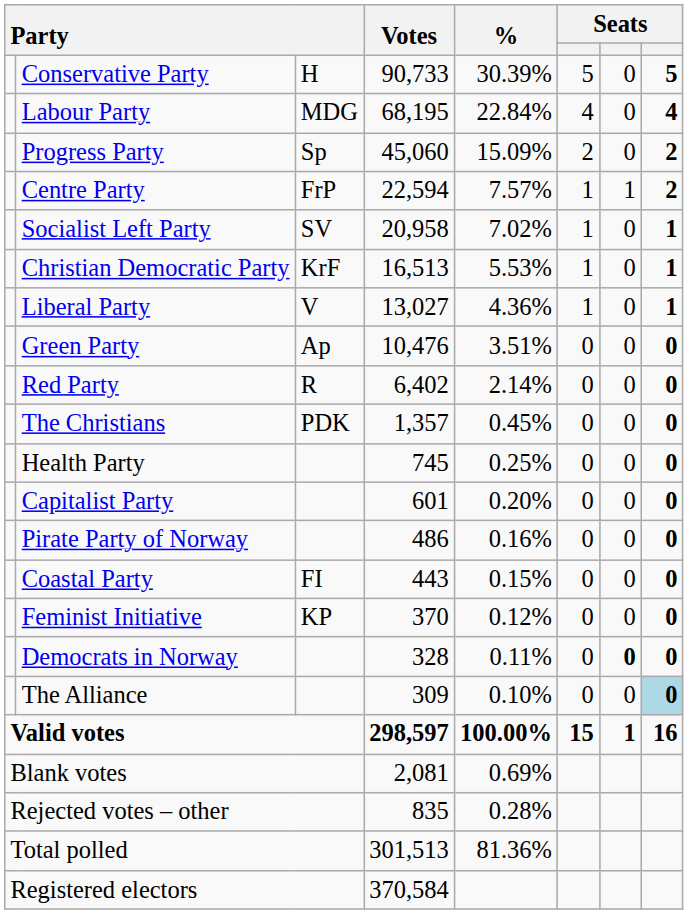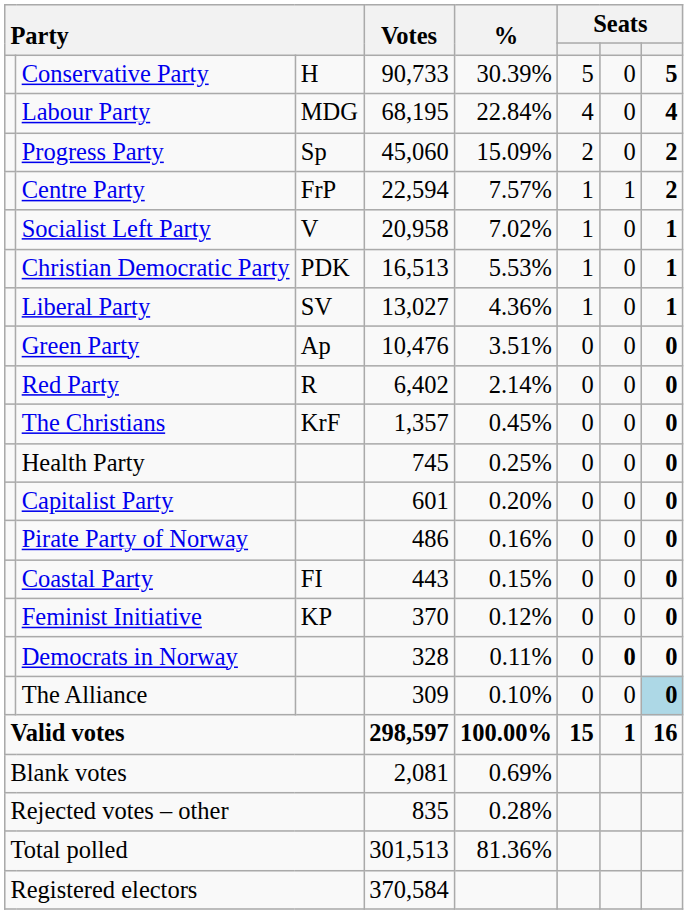 <table class="wikitable" border="1" style="text-align:right;">
 <tr>
 <th style="text-align:left;" valign=bottom rowspan=2 colspan=3>Party</th>
 <th align=center valign=bottom rowspan=2 width="50">Votes</th>
 <th align=center valign=bottom rowspan=2 width="50">%</th>
 <th colspan=3>Seats</th>
 </tr>
 <tr>
 <th align=center valign=bottom width="20"><small></small></th>
 <th align=center valign=bottom width="20"><small><a href='#'></a></small></th>
 <th align=center valign=bottom width="20"><small></small></th>
 </tr>
 <tr>
 <td style="color:inherit;background:"></td>
 <td align=left><a href='#'>Conservative Party</a></td>
 <td align=left>H</td>
 <td>90,733</td>
 <td>30.39%</td>
 <td>5</td>
 <td>0</td>
 <td><strong>5</strong></td>
 </tr>
 <tr>
 <td style="color:inherit;background:"></td>
 <td align=left><a href='#'>Labour Party</a></td>
 <td align=left>MDG</td>
 <td>68,195</td>
 <td>22.84%</td>
 <td>4</td>
 <td>0</td>
 <td><strong>4</strong></td>
 </tr>
 <tr>
 <td style="color:inherit;background:"></td>
 <td align=left><a href='#'>Progress Party</a></td>
 <td align=left>Sp</td>
 <td>45,060</td>
 <td>15.09%</td>
 <td>2</td>
 <td>0</td>
 <td><strong>2</strong></td>
 </tr>
 <tr>
 <td style="color:inherit;background:"></td>
 <td align=left><a href='#'>Centre Party</a></td>
 <td align=left>FrP</td>
 <td>22,594</td>
 <td>7.57%</td>
 <td>1</td>
 <td>1</td>
 <td><strong>2</strong></td>
 </tr>
 <tr>
 <td style="color:inherit;background:"></td>
 <td align=left><a href='#'>Socialist Left Party</a></td>
-<td align=left>SV</td>
+<td align=left>V</td>
 <td>20,958</td>
 <td>7.02%</td>
 <td>1</td>
 <td>0</td>
 <td><strong>1</strong></td>
 </tr>
 <tr>
 <td style="color:inherit;background:"></td>
 <td align=left><a href='#'>Christian Democratic Party</a></td>
-<td align=left>KrF</td>
+<td align=left>PDK</td>
 <td>16,513</td>
 <td>5.53%</td>
 <td>1</td>
 <td>0</td>
 <td><strong>1</strong></td>
 </tr>
 <tr>
 <td style="color:inherit;background:"></td>
 <td align=left><a href='#'>Liberal Party</a></td>
-<td align=left>V</td>
+<td align=left>SV</td>
 <td>13,027</td>
 <td>4.36%</td>
 <td>1</td>
 <td>0</td>
 <td><strong>1</strong></td>
 </tr>
 <tr>
 <td style="color:inherit;background:"></td>
 <td align=left><a href='#'>Green Party</a></td>
 <td align=left>Ap</td>
 <td>10,476</td>
 <td>3.51%</td>
 <td>0</td>
 <td>0</td>
 <td><strong>0</strong></td>
 </tr>
 <tr>
 <td style="color:inherit;background:"></td>
 <td align=left><a href='#'>Red Party</a></td>
 <td align=left>R</td>
 <td>6,402</td>
 <td>2.14%</td>
 <td>0</td>
 <td>0</td>
 <td><strong>0</strong></td>
 </tr>
 <tr>
 <td style="color:inherit;background:"></td>
 <td align=left><a href='#'>The Christians</a></td>
-<td align=left>PDK</td>
+<td align=left>KrF</td>
 <td>1,357</td>
 <td>0.45%</td>
 <td>0</td>
 <td>0</td>
 <td><strong>0</strong></td>
 </tr>
 <tr>
 <td></td>
 <td align=left>Health Party</td>
 <td align=left></td>
 <td>745</td>
 <td>0.25%</td>
 <td>0</td>
 <td>0</td>
 <td><strong>0</strong></td>
 </tr>
 <tr>
 <td style="color:inherit;background:"></td>
 <td align=left><a href='#'>Capitalist Party</a></td>
 <td align=left></td>
 <td>601</td>
 <td>0.20%</td>
 <td>0</td>
 <td>0</td>
 <td><strong>0</strong></td>
 </tr>
 <tr>
 <td style="color:inherit;background:"></td>
 <td align=left><a href='#'>Pirate Party of Norway</a></td>
 <td align=left></td>
 <td>486</td>
 <td>0.16%</td>
 <td>0</td>
 <td>0</td>
 <td><strong>0</strong></td>
 </tr>
 <tr>
 <td style="color:inherit;background:"></td>
 <td align=left><a href='#'>Coastal Party</a></td>
 <td align=left>FI</td>
 <td>443</td>
 <td>0.15%</td>
 <td>0</td>
 <td>0</td>
 <td><strong>0</strong></td>
 </tr>
 <tr>
 <td style="color:inherit;background:"></td>
 <td align=left><a href='#'>Feminist Initiative</a></td>
 <td align=left>KP</td>
 <td>370</td>
 <td>0.12%</td>
 <td>0</td>
 <td>0</td>
 <td><strong>0</strong></td>
 </tr>
 <tr>
 <td style="color:inherit;background:"></td>
 <td align=left><a href='#'>Democrats in Norway</a></td>
 <td align=left></td>
 <td>328</td>
 <td>0.11%</td>
 <td>0</td>
 <td><strong>0</strong></td>
 <td><strong>0</strong></td>
 </tr>
 <tr>
 <td></td>
 <td align=left>The Alliance</td>
 <td align=left></td>
 <td>309</td>
 <td>0.10%</td>
 <td>0</td>
 <td>0</td>
 <td style="background: lightblue;"><strong>0</strong></td>
 </tr>
 <tr style="font-weight:bold">
 <td align=left colspan=3>Valid votes</td>
 <td>298,597</td>
 <td>100.00%</td>
 <td>15</td>
 <td>1</td>
 <td>16</td>
 </tr>
 <tr>
 <td align=left colspan=3>Blank votes</td>
 <td>2,081</td>
 <td>0.69%</td>
 <td></td>
 <td></td>
 <td></td>
 </tr>
 <tr>
 <td align=left colspan=3>Rejected votes – other</td>
 <td>835</td>
 <td>0.28%</td>
 <td></td>
 <td></td>
 <td></td>
 </tr>
 <tr>
 <td align=left colspan=3>Total polled</td>
 <td>301,513</td>
 <td>81.36%</td>
 <td></td>
 <td></td>
 <td></td>
 </tr>
 <tr>
 <td align=left colspan=3>Registered electors</td>
 <td>370,584</td>
 <td></td>
 <td></td>
 <td></td>
 <td></td>
 </tr>
 </table>
